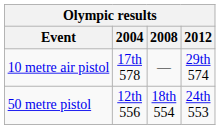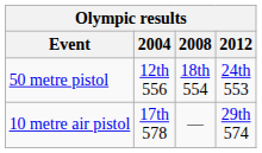 <table class="wikitable" style="text-align: center">
 <tr>
 <th colspan=4>Olympic results</th>
 </tr>
 <tr>
 <th>Event</th>
 <th>2004</th>
 <th>2008</th>
 <th>2012</th>
 </tr>
 <tr>
+<td align=left><a href='#'>50 metre pistol</a></td>
+<td><a href='#'>12th</a><br>556</td>
+<td><a href='#'>18th</a><br>554</td>
+<td><a href='#'>24th</a><br>553</td>
+</tr>
+<tr>
 <td align=left><a href='#'>10 metre air pistol</a></td>
 <td><a href='#'>17th</a><br>578</td>
 <td>—</td>
 <td><a href='#'>29th</a><br>574</td>
 </tr>
-<tr>
-<td align=left><a href='#'>50 metre pistol</a></td>
-<td><a href='#'>12th</a><br>556</td>
-<td><a href='#'>18th</a><br>554</td>
-<td><a href='#'>24th</a><br>553</td>
-</tr>
 </table>
